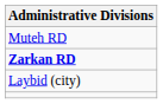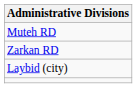 <table class="wikitable">
 <tr>
 <th>Administrative Divisions</th>
 </tr>
 <tr>
 <td><a href='#'>Muteh RD</a></td>
 </tr>
 <tr>
-<td><strong><a href='#'>Zarkan RD</a></strong></td>
+<td><a href='#'>Zarkan RD</a></td>
 </tr>
 <tr>
 <td><a href='#'>Laybid</a> (city)</td>
 </tr>
 <tr>
 <td colspan=1></td>
 </tr>
 </table>
